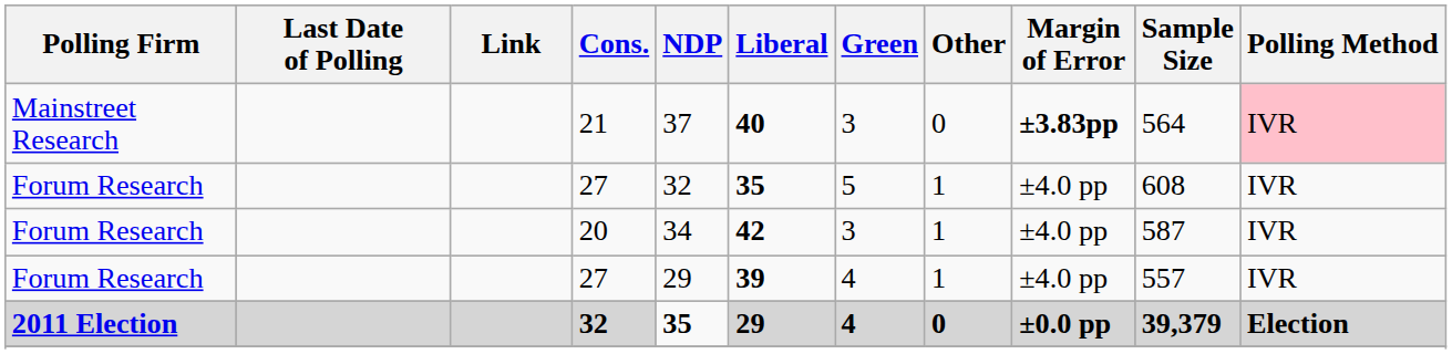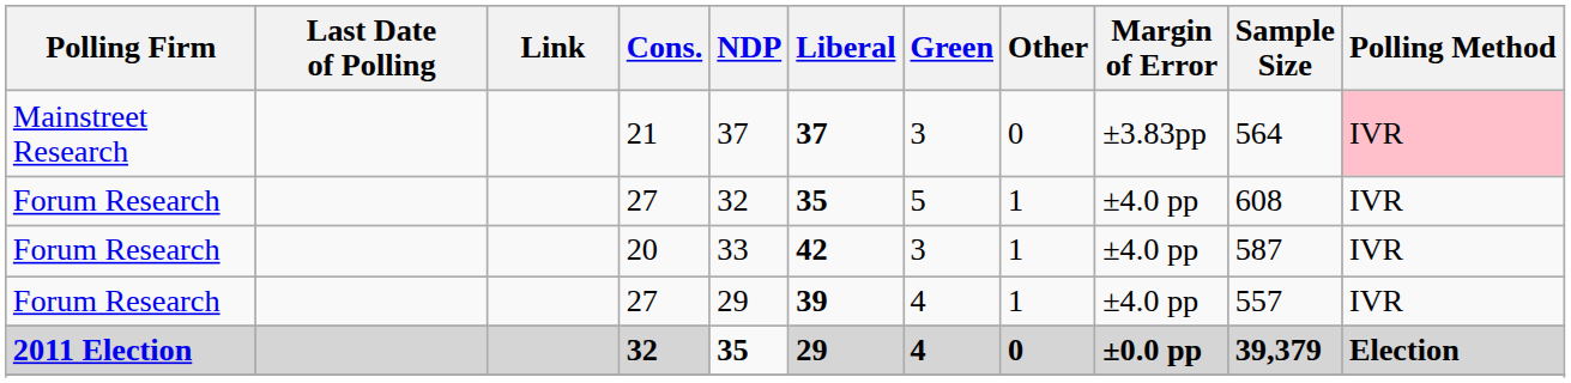 <table class="wikitable sortable">
 <tr style="background:#e9e9e9;">
 <th style="width:120px">Polling Firm</th>
 <th style="width:110px">Last Date<br>of Polling</th>
 <th style="width:60px" class="unsortable">Link</th>
 <th style="background-color:"><strong><a href='#'>Cons.</a></strong></th>
 <th style="background-color:"><strong><a href='#'>NDP</a></strong></th>
 <th style="background-color:"><strong><a href='#'>Liberal</a></strong></th>
 <th style="background-color:"><strong><a href='#'>Green</a></strong></th>
 <th style="background-color:"><strong>Other</strong></th>
 <th style="width:60px;" class=unsortable>Margin<br>of Error</th>
 <th style="width:50px;" class=unsortable>Sample<br>Size</th>
 <th class=unsortable>Polling Method</th>
 </tr>
 <tr>
 <td><a href='#'>Mainstreet Research</a></td>
 <td></td>
 <td></td>
 <td>21</td>
 <td>37</td>
-<td><strong>40</strong></td>
+<td><strong>37</strong></td>
 <td>3</td>
 <td>0</td>
-<td><strong>±3.83pp</strong></td>
+<td>±3.83pp</td>
 <td>564</td>
 <td style="background: pink;">IVR</td>
 </tr>
 <tr>
 <td><a href='#'>Forum Research</a></td>
 <td></td>
 <td></td>
 <td>27</td>
 <td>32</td>
 <td><strong>35</strong></td>
 <td>5</td>
 <td>1</td>
 <td>±4.0 pp</td>
 <td>608</td>
 <td>IVR</td>
 </tr>
 <tr>
 <td><a href='#'>Forum Research</a></td>
 <td></td>
 <td></td>
 <td>20</td>
-<td>34</td>
+<td>33</td>
 <td><strong>42</strong></td>
 <td>3</td>
 <td>1</td>
 <td>±4.0 pp</td>
 <td>587</td>
 <td>IVR</td>
 </tr>
 <tr>
 <td><a href='#'>Forum Research</a></td>
 <td></td>
 <td></td>
 <td>27</td>
 <td>29</td>
 <td><strong>39</strong></td>
 <td>4</td>
 <td>1</td>
 <td>±4.0 pp</td>
 <td>557</td>
 <td>IVR</td>
 </tr>
 <tr>
 <td style="background:#D5D5D5"><strong><a href='#'>2011 Election</a></strong></td>
 <td style="background:#D5D5D5"><strong></strong></td>
 <td style="background:#D5D5D5"></td>
 <td style="background:#D5D5D5"><strong>32</strong></td>
 <td><strong>35</strong></td>
 <td style="background:#D5D5D5"><strong>29</strong></td>
 <td style="background:#D5D5D5"><strong>4</strong></td>
 <td style="background:#D5D5D5"><strong>0</strong></td>
 <td style="background:#D5D5D5"><strong>±0.0 pp</strong></td>
 <td style="background:#D5D5D5"><strong>39,379</strong></td>
 <td style="background:#D5D5D5"><strong>Election</strong></td>
 </tr>
 <tr>
 </tr>
 <tr>
 </tr>
 </table>
